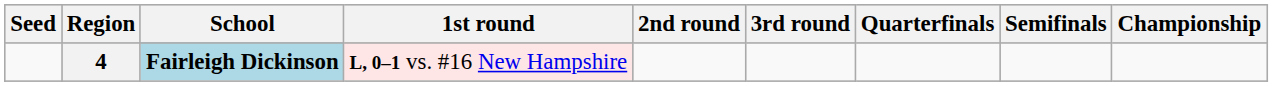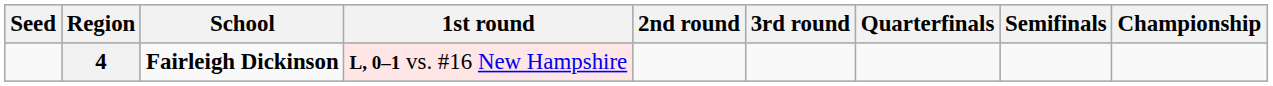 <table class="sortable wikitable" style="white-space:nowrap; font-size:90%;">
 <tr>
 <th>Seed</th>
 <th>Region</th>
 <th>School</th>
 <th>1st round</th>
 <th>2nd round</th>
 <th>3rd round</th>
 <th>Quarterfinals</th>
 <th>Semifinals</th>
 <th>Championship</th>
 </tr>
 <tr>
 <td></td>
 <th>4</th>
-<td style="background: lightblue;"><strong>Fairleigh Dickinson</strong></td>
+<td><strong>Fairleigh Dickinson</strong></td>
 <td style="background:#FFE6E6;"><small><strong>L, 0–1</strong></small> vs. #16 <a href='#'>New Hampshire</a></td>
 <td></td>
 <td></td>
 <td></td>
 <td></td>
 </tr>
 </table>
